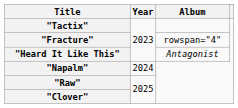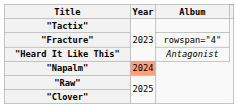 <table class="wikitable plainrowheaders" style="text-align:center;">
 <tr>
 <th rowspan="2" scope="col" style="width:14em;">Title</th>
 <th rowspan="2" scope="col">Year</th>
 <th rowspan="2" scope="col" style="width:8em;">Album</th>
 </tr>
 <tr>
 <th></th>
 </tr>
 <tr>
 <th scope="row">"Tactix"<br><span></span></th>
 <td rowspan="3">2023</td>
 <td></td>
 </tr>
 <tr>
 <th scope="row">"Fracture"<br><span></span></th>
 <td>rowspan="4" </td>
 </tr>
 <tr>
 <th scope="row">"Heard It Like This"<br><span></span></th>
 <td><em>Antagonist</em></td>
 </tr>
 <tr>
 <th scope="row">"Napalm"<br><span></span></th>
-<td>2024</td>
+<td style="background: lightsalmon;">2024</td>
 </tr>
 <tr>
 <th scope="row">"Raw"<br><span></span></th>
 <td rowspan="2">2025</td>
 </tr>
 <tr>
 <th scope="row">"Clover"<br><span></span></th>
 </tr>
 </table>
